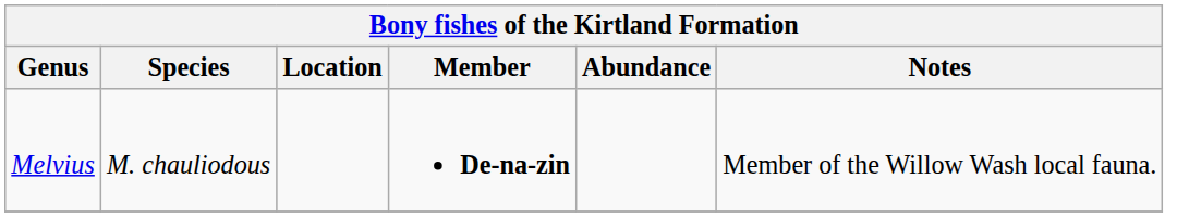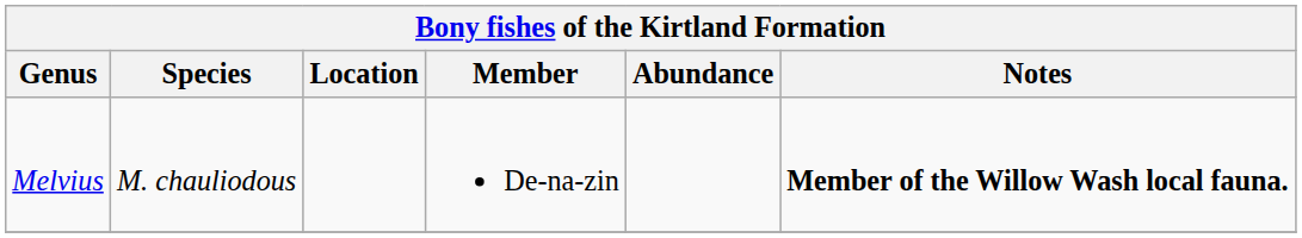 <table class="wikitable" align="center">
 <tr>
 <th colspan="7" align="center"><strong><a href='#'>Bony fishes</a> of the Kirtland Formation</strong></th>
 </tr>
 <tr>
 <th>Genus</th>
 <th>Species</th>
 <th>Location</th>
 <th>Member</th>
 <th>Abundance</th>
 <th>Notes<br></th>
 </tr>
 <tr>
 <td><br><em><a href='#'>Melvius</a></em></td>
 <td><br><em>M. chauliodous</em></td>
 <td></td>
-<td><strong><br><ul><li>De-na-zin</li></ul></strong></td>
+<td><br><ul><li>De-na-zin</li></ul></td>
 <td></td>
-<td><br>Member of the Willow Wash local fauna. </td>
+<td><strong><br>Member of the Willow Wash local fauna. </strong></td>
 </tr>
 <tr>
 </tr>
 </table>
